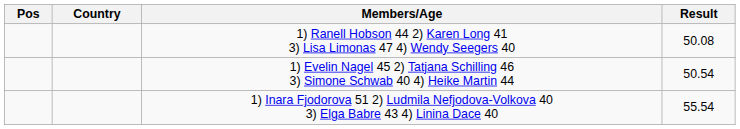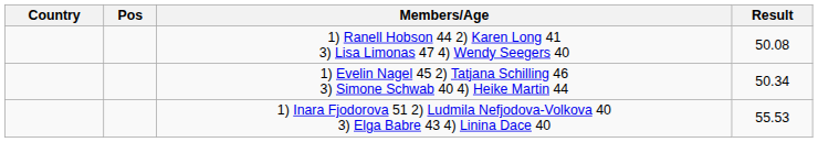 <table class="wikitable"  style="text-align:center; width:60%;">
 <tr>
+<th>Country</th>
 <th>Pos</th>
-<th>Country</th>
 <th>Members/Age</th>
 <th>Result</th>
 </tr>
 <tr>
+<td align=left></td>
 <td align=center></td>
-<td align=left></td>
 <td>1) <a href='#'>Ranell Hobson</a> 44 2) <a href='#'>Karen Long</a> 41<br>3) <a href='#'>Lisa Limonas</a> 47 4) <a href='#'>Wendy Seegers</a> 40</td>
 <td>50.08</td>
 </tr>
 <tr>
+<td align=left></td>
 <td align=center></td>
-<td align=left></td>
 <td>1) <a href='#'>Evelin Nagel</a> 45 2) <a href='#'>Tatjana Schilling</a> 46<br>3) <a href='#'>Simone Schwab</a> 40 4) <a href='#'>Heike Martin</a>  44</td>
-<td>50.54</td>
+<td>50.34</td>
 </tr>
 <tr>
+<td align=left></td>
 <td align=center></td>
-<td align=left></td>
 <td>1) <a href='#'>Inara Fjodorova</a> 51 2) <a href='#'>Ludmila Nefjodova-Volkova</a> 40<br>3) <a href='#'>Elga Babre</a> 43 4) <a href='#'>Linina Dace</a> 40</td>
-<td>55.54</td>
+<td>55.53</td>
 </tr>
 </table>
